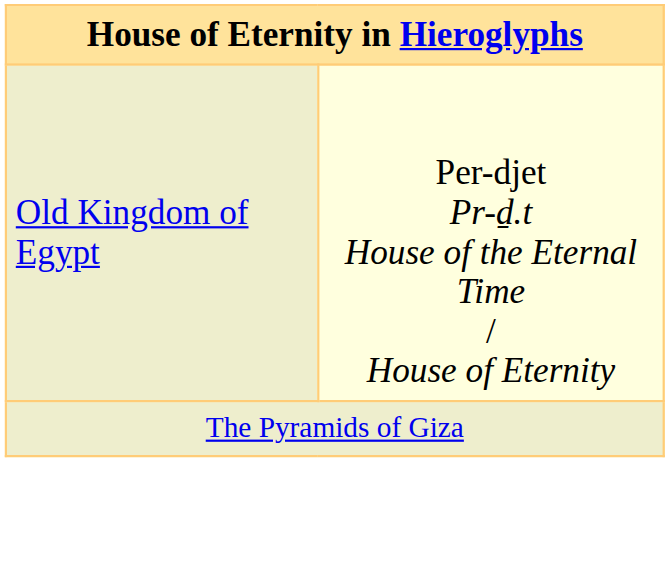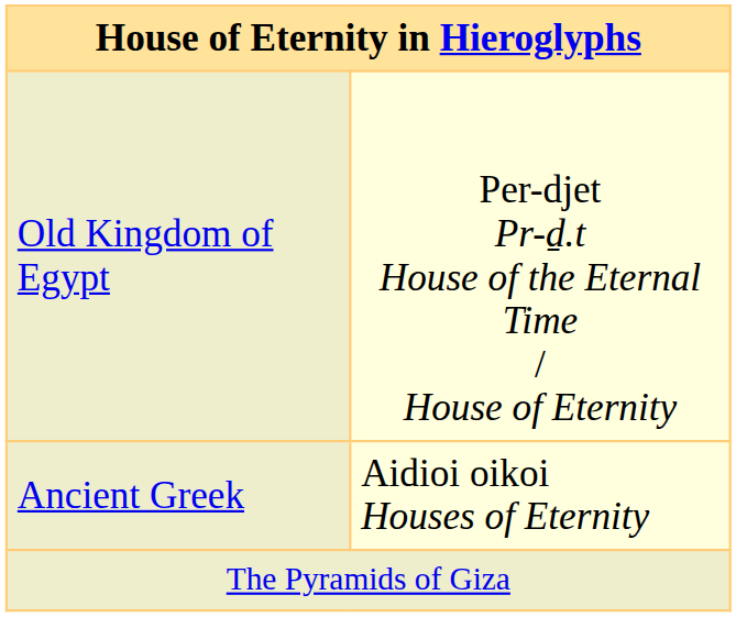 <table width="300" class="toptextcalls" style="background: rgb(255, 255, 222); margin: 5px 0px 10px 1em; border: 1px solid rgb(255, 204, 119); border-image: none; color:000; border-collapse: collapse; float: right;" rules="all" cellpadding="4">
 <tr>
 <th id="7" style="background: #ffe39b;" colspan="2">House of Eternity in <a href='#'>Hieroglyphs</a></th>
 </tr>
 <tr id="10">
 <td id="11" style="background-color: #eeeecd"><a href='#'>Old Kingdom of Egypt</a></td>
 <td id="14" style="text-align:center;"><br><br>Per-djet<br><em>Pr-ḏ.t</em><br><em>House of the Eternal Time</em><br>/<br><em>House of Eternity</em></td>
 </tr>
+<tr id="29">
+<td id="30" style="background-color: #eeeecd"><a href='#'>Ancient Greek</a></td>
+<td id="33">Aidioi oikoi<br><em>Houses of Eternity</em></td>
+</tr>
 <tr id="35">
 <td id="36" style="text-align:center; font-size:smaller;vertical-align:top; background-color: #eeeecd;" colspan="2"> <a href='#'>The Pyramids of Giza</a></td>
 </tr>
 </table>
